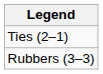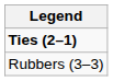 <table class=wikitable>
 <tr>
 <th>Legend</th>
 </tr>
 <tr>
-<td>Ties (2–1)</td>
+<td><strong>Ties (2–1)</strong></td>
 </tr>
 <tr>
 <td>Rubbers (3–3)</td>
 </tr>
 </table>
